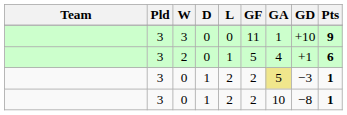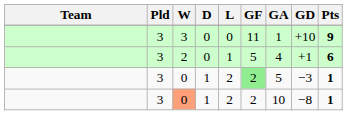 <table class="wikitable" style="text-align: center;">
 <tr>
 <th width=165>Team</th>
 <th width=20>Pld</th>
 <th width=20>W</th>
 <th width=20>D</th>
 <th width=20>L</th>
 <th width=20>GF</th>
 <th width=20>GA</th>
 <th width=20>GD</th>
 <th width=20>Pts</th>
 </tr>
 <tr>
 </tr>
 <tr style="background:#ccffcc;">
 <td align=left></td>
 <td>3</td>
 <td>3</td>
 <td>0</td>
 <td>0</td>
 <td>11</td>
 <td>1</td>
 <td>+10</td>
 <td><strong>9</strong></td>
 </tr>
 <tr style= "background:#ccffcc;">
 <td align=left></td>
 <td>3</td>
 <td>2</td>
 <td>0</td>
 <td>1</td>
 <td>5</td>
 <td>4</td>
 <td>+1</td>
 <td><strong>6</strong></td>
 </tr>
 <tr>
 <td align=left></td>
 <td>3</td>
 <td>0</td>
 <td>1</td>
 <td>2</td>
-<td>2</td>
-<td style="background: khaki;">5</td>
+<td style="background: lightgreen;">2</td>
+<td>5</td>
 <td>−3</td>
 <td><strong>1</strong></td>
 </tr>
 <tr>
 <td align=left></td>
 <td>3</td>
-<td>0</td>
+<td style="background: lightsalmon;">0</td>
 <td>1</td>
 <td>2</td>
 <td>2</td>
 <td>10</td>
 <td>−8</td>
 <td><strong>1</strong></td>
 </tr>
 </table>
